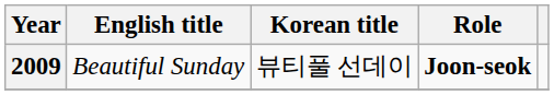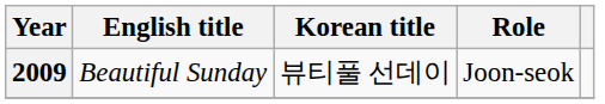 <table class="wikitable sortable plainrowheaders">
 <tr>
 <th scope="col">Year</th>
 <th scope="col">English title</th>
 <th scope="col">Korean title</th>
 <th scope="col">Role</th>
 <th scope="col" class="unsortable"></th>
 </tr>
 <tr>
 <th scope="row">2009</th>
 <td><em>Beautiful Sunday</em></td>
 <td>뷰티풀 선데이</td>
-<td><strong>Joon-seok</strong></td>
+<td>Joon-seok</td>
 <td></td>
 </tr>
 <tr>
 </tr>
 </table>
